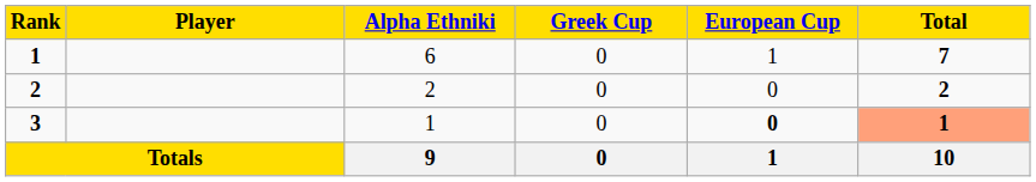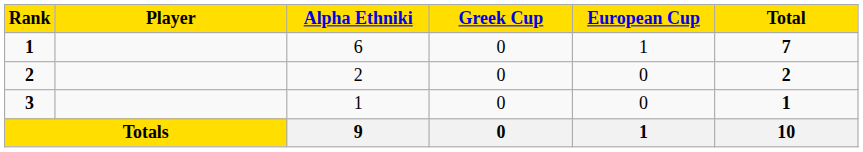 <table class="wikitable sortable" style="text-align:center">
 <tr>
 <th style="background:#FFDE00">Rank</th>
 <th width=200 style="background:#FFDE00">Player</th>
 <th width=120 style="background:#FFDE00"><a href='#'>Alpha Ethniki</a></th>
 <th width=120 style="background:#FFDE00"><a href='#'>Greek Cup</a></th>
 <th width=120 style="background:#FFDE00"><a href='#'>European Cup</a></th>
 <th width=120 style="background:#FFDE00">Total</th>
 </tr>
 <tr>
 <td><strong>1</strong></td>
 <td align=left></td>
 <td>6</td>
 <td>0</td>
 <td>1</td>
 <td><strong>7</strong></td>
 </tr>
 <tr>
 <td><strong>2</strong></td>
 <td align=left></td>
 <td>2</td>
 <td>0</td>
 <td>0</td>
 <td><strong>2</strong></td>
 </tr>
 <tr>
 <td><strong>3</strong></td>
 <td align=left></td>
 <td>1</td>
 <td>0</td>
-<td><strong>0</strong></td>
-<td style="background: lightsalmon;"><strong>1</strong></td>
+<td>0</td>
+<td><strong>1</strong></td>
 </tr>
 <tr class="sortbottom">
 <th colspan=2 style="background:#FFDE00"><strong>Totals</strong></th>
 <th><strong> 9</strong></th>
 <th><strong> 0</strong></th>
 <th><strong> 1</strong></th>
 <th><strong>10</strong></th>
 </tr>
 </table>
